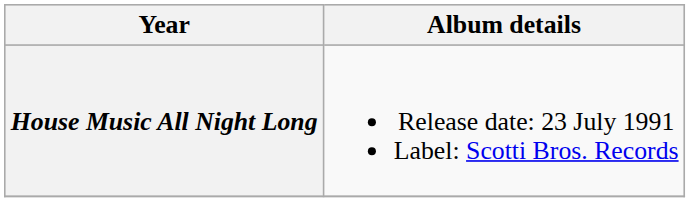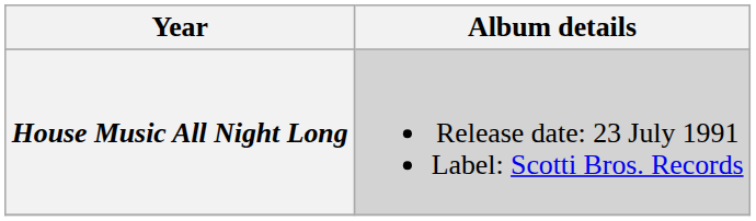 <table class="wikitable" style="text-align:center;">
 <tr>
 <th>Year</th>
 <th>Album details</th>
 </tr>
 <tr>
 <th scope="row"><em>House Music All Night Long</em></th>
-<td><br><ul><li>Release date: 23 July 1991</li><li>Label: <a href='#'>Scotti Bros. Records</a></li></ul></td>
+<td style="background: lightgrey;"><br><ul><li>Release date: 23 July 1991</li><li>Label: <a href='#'>Scotti Bros. Records</a></li></ul></td>
 </tr>
 <tr>
 </tr>
 </table>
